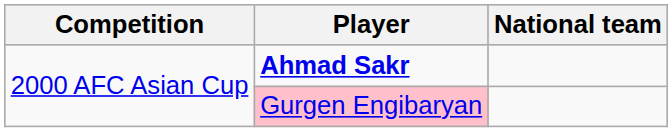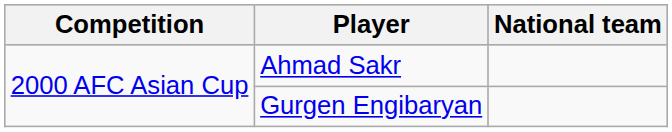 <table class="wikitable">
 <tr>
 <th>Competition</th>
 <th>Player</th>
 <th>National team</th>
 </tr>
 <tr>
 <td rowspan="2"><a href='#'>2000 AFC Asian Cup</a></td>
-<td><strong><a href='#'>Ahmad Sakr</a></strong></td>
+<td><a href='#'>Ahmad Sakr</a></td>
 <td></td>
 </tr>
 <tr>
-<td style="background: pink;"><a href='#'>Gurgen Engibaryan</a></td>
+<td><a href='#'>Gurgen Engibaryan</a></td>
 <td></td>
 </tr>
 </table>
